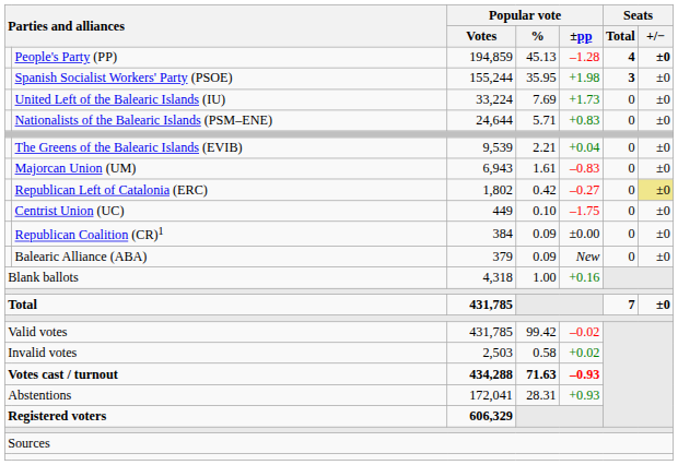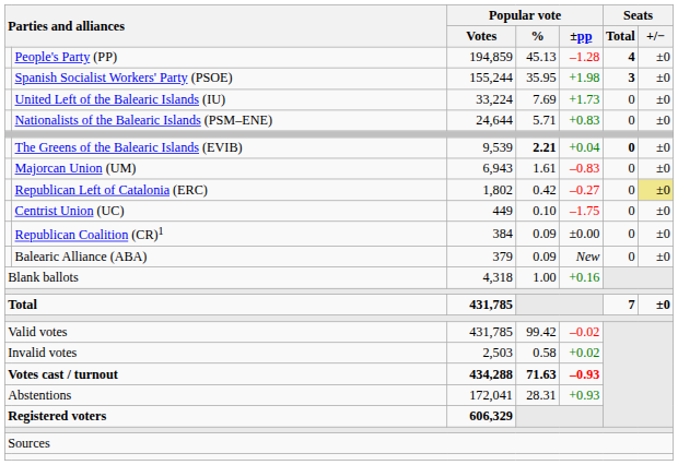 <table class="wikitable" style="text-align:right;">
 <tr>
 <th style="text-align:left;" rowspan="2" colspan="2" width="525">Parties and alliances</th>
 <th colspan="3">Popular vote</th>
 <th colspan="2">Seats</th>
 </tr>
 <tr>
 <th width="75">Votes</th>
 <th width="45">%</th>
 <th width="45">±<a href='#'>pp</a></th>
 <th width="35">Total</th>
 <th width="35">+/−</th>
 </tr>
 <tr>
 <td width="1" style="color:inherit;background:"></td>
 <td align="left"><a href='#'>People's Party</a> (PP)</td>
 <td>194,859</td>
 <td>45.13</td>
 <td style="color:red;">–1.28</td>
 <td><strong>4</strong></td>
-<td><strong>±0</strong></td>
+<td>±0</td>
 </tr>
 <tr>
 <td style="color:inherit;background:"></td>
 <td align="left"><a href='#'>Spanish Socialist Workers' Party</a> (PSOE)</td>
 <td>155,244</td>
 <td>35.95</td>
 <td style="color:green;">+1.98</td>
 <td><strong>3</strong></td>
 <td>±0</td>
 </tr>
 <tr>
 <td style="color:inherit;background:"></td>
 <td align="left"><a href='#'>United Left of the Balearic Islands</a> (IU)</td>
 <td>33,224</td>
 <td>7.69</td>
 <td style="color:green;">+1.73</td>
 <td>0</td>
 <td>±0</td>
 </tr>
 <tr>
 <td style="color:inherit;background:"></td>
 <td align="left"><a href='#'>Nationalists of the Balearic Islands</a> (PSM–ENE)</td>
 <td>24,644</td>
 <td>5.71</td>
 <td style="color:green;">+0.83</td>
 <td>0</td>
 <td>±0</td>
 </tr>
 <tr>
 <td colspan="7" bgcolor="#C0C0C0"></td>
 </tr>
 <tr>
 <td style="color:inherit;background:"></td>
 <td align="left"><a href='#'>The Greens of the Balearic Islands</a> (EVIB)</td>
 <td>9,539</td>
-<td>2.21</td>
+<td><strong>2.21</strong></td>
 <td style="color:green;">+0.04</td>
-<td>0</td>
+<td><strong>0</strong></td>
 <td>±0</td>
 </tr>
 <tr>
 <td style="color:inherit;background:"></td>
 <td align="left"><a href='#'>Majorcan Union</a> (UM)</td>
 <td>6,943</td>
 <td>1.61</td>
 <td style="color:red;">–0.83</td>
 <td>0</td>
 <td>±0</td>
 </tr>
 <tr>
 <td style="color:inherit;background:"></td>
 <td align="left"><a href='#'>Republican Left of Catalonia</a> (ERC)</td>
 <td>1,802</td>
 <td>0.42</td>
 <td style="color:red;">–0.27</td>
 <td>0</td>
 <td style="background: khaki;">±0</td>
 </tr>
 <tr>
 <td style="color:inherit;background:"></td>
 <td align="left"><a href='#'>Centrist Union</a> (UC)</td>
 <td>449</td>
 <td>0.10</td>
 <td style="color:red;">–1.75</td>
 <td>0</td>
 <td>±0</td>
 </tr>
 <tr>
 <td style="color:inherit;background:"></td>
 <td align="left"><a href='#'>Republican Coalition</a> (CR)<sup>1</sup></td>
 <td>384</td>
 <td>0.09</td>
 <td>±0.00</td>
 <td>0</td>
 <td>±0</td>
 </tr>
 <tr>
 <td style="color:inherit;background:"></td>
 <td align="left">Balearic Alliance (ABA)</td>
 <td>379</td>
 <td>0.09</td>
 <td><em>New</em></td>
 <td>0</td>
 <td>±0</td>
 </tr>
 <tr>
 <td align="left" colspan="2">Blank ballots</td>
 <td>4,318</td>
 <td>1.00</td>
 <td style="color:green;">+0.16</td>
 <td bgcolor="#E9E9E9" colspan="2"></td>
 </tr>
 <tr>
 <td colspan="7" bgcolor="#E9E9E9"></td>
 </tr>
 <tr style="font-weight:bold;">
 <td align="left" colspan="2">Total</td>
 <td>431,785</td>
 <td bgcolor="#E9E9E9" colspan="2"></td>
 <td>7</td>
 <td>±0</td>
 </tr>
 <tr>
 <td colspan="7" bgcolor="#E9E9E9"></td>
 </tr>
 <tr>
 <td align="left" colspan="2">Valid votes</td>
 <td>431,785</td>
 <td>99.42</td>
 <td style="color:red;">–0.02</td>
 <td bgcolor="#E9E9E9" colspan="2" rowspan="5"></td>
 </tr>
 <tr>
 <td align="left" colspan="2">Invalid votes</td>
 <td>2,503</td>
 <td>0.58</td>
 <td style="color:green;">+0.02</td>
 </tr>
 <tr style="font-weight:bold;">
 <td align="left" colspan="2">Votes cast / turnout</td>
 <td>434,288</td>
 <td>71.63</td>
 <td style="color:red;">–0.93</td>
 </tr>
 <tr>
 <td align="left" colspan="2">Abstentions</td>
 <td>172,041</td>
 <td>28.31</td>
 <td style="color:green;">+0.93</td>
 </tr>
 <tr style="font-weight:bold;">
 <td align="left" colspan="2">Registered voters</td>
 <td>606,329</td>
 <td bgcolor="#E9E9E9" colspan="2"></td>
 </tr>
 <tr>
 <td colspan="7" bgcolor="#E9E9E9"></td>
 </tr>
 <tr>
 <td align="left" colspan="7">Sources</td>
 </tr>
 <tr>
 <td colspan="7" style="text-align:left; max-width:790px;"></td>
 </tr>
 </table>
